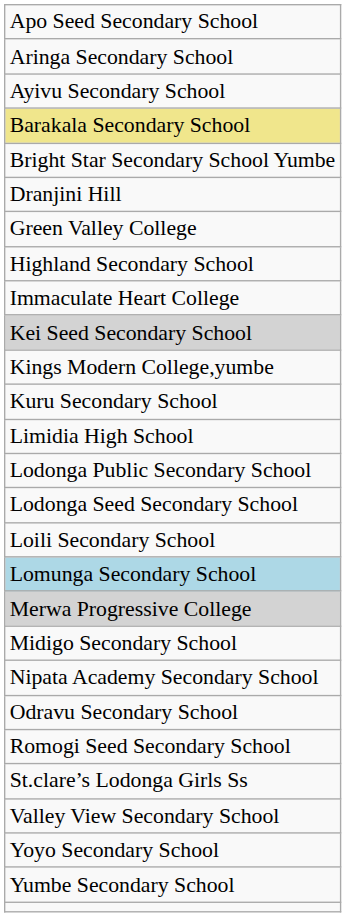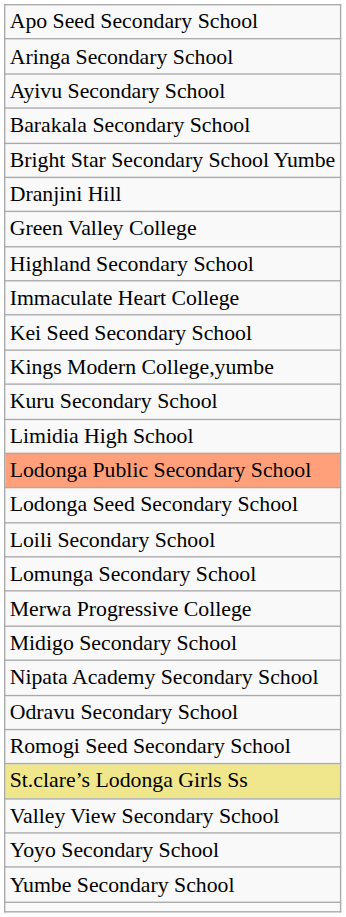 <table class="wikitable">
 <tr>
 <td>Apo Seed Secondary School</td>
 </tr>
 <tr>
 <td>Aringa Secondary School</td>
 </tr>
 <tr>
 <td>Ayivu Secondary School</td>
 </tr>
 <tr>
-<td style="background: khaki;">Barakala Secondary School</td>
+<td>Barakala Secondary School</td>
 </tr>
 <tr>
 <td>Bright Star Secondary School Yumbe</td>
 </tr>
 <tr>
 <td>Dranjini Hill</td>
 </tr>
 <tr>
 <td>Green Valley College</td>
 </tr>
 <tr>
 <td>Highland Secondary School</td>
 </tr>
 <tr>
 <td>Immaculate Heart College</td>
 </tr>
 <tr>
-<td style="background: lightgrey;">Kei Seed Secondary School</td>
+<td>Kei Seed Secondary School</td>
 </tr>
 <tr>
 <td>Kings Modern College,yumbe</td>
 </tr>
 <tr>
 <td>Kuru Secondary School</td>
 </tr>
 <tr>
 <td>Limidia High School</td>
 </tr>
 <tr>
-<td>Lodonga Public Secondary School</td>
+<td style="background: lightsalmon;">Lodonga Public Secondary School</td>
 </tr>
 <tr>
 <td>Lodonga Seed Secondary School</td>
 </tr>
 <tr>
 <td>Loili Secondary School</td>
 </tr>
 <tr>
-<td style="background: lightblue;">Lomunga Secondary School</td>
+<td>Lomunga Secondary School</td>
 </tr>
 <tr>
-<td style="background: lightgrey;">Merwa Progressive College</td>
+<td>Merwa Progressive College</td>
 </tr>
 <tr>
 <td>Midigo Secondary School</td>
 </tr>
 <tr>
 <td>Nipata Academy Secondary School</td>
 </tr>
 <tr>
 <td>Odravu Secondary School</td>
 </tr>
 <tr>
 <td>Romogi Seed Secondary School</td>
 </tr>
 <tr>
-<td>St.clare’s Lodonga Girls Ss</td>
+<td style="background: khaki;">St.clare’s Lodonga Girls Ss</td>
 </tr>
 <tr>
 <td>Valley View Secondary School</td>
 </tr>
 <tr>
 <td>Yoyo Secondary School</td>
 </tr>
 <tr>
 <td>Yumbe Secondary School</td>
 </tr>
 <tr>
 <td></td>
 </tr>
 </table>
